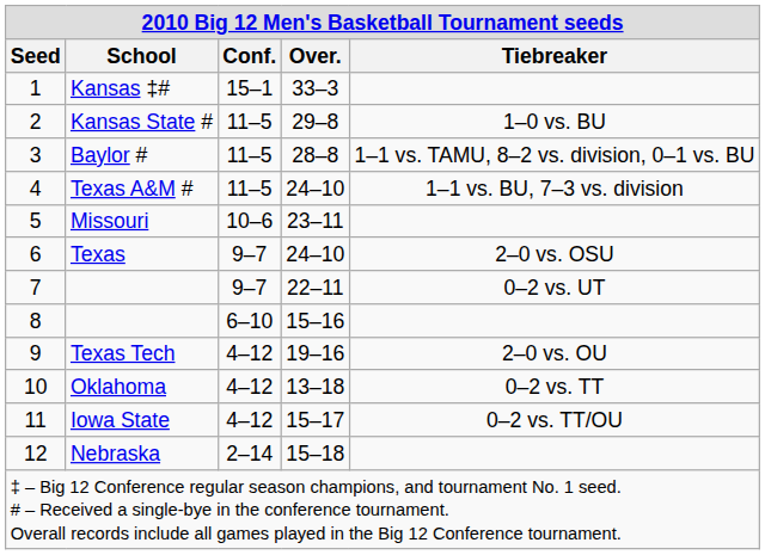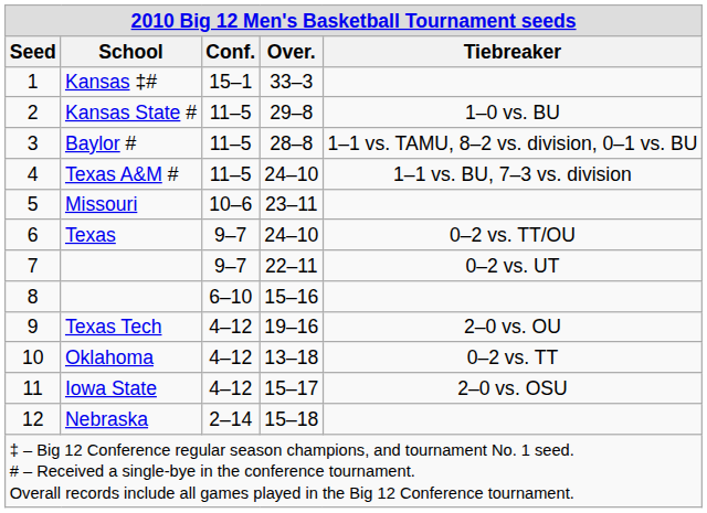 <table class="wikitable" style="white-space:nowrap; font-size:90%;text-align:center">
 <tr>
 <td colspan="10" style="text-align:center; background:#DDDDDD; font:#000000"><strong><a href='#'>2010 Big 12 Men's Basketball Tournament seeds</a></strong></td>
 </tr>
 <tr bgcolor="#efefef">
 <th>Seed</th>
 <th>School</th>
 <th>Conf.</th>
 <th>Over.</th>
 <th>Tiebreaker</th>
 </tr>
 <tr>
 <td>1</td>
 <td align=left><a href='#'>Kansas</a> ‡#</td>
 <td>15–1</td>
 <td>33–3</td>
 <td></td>
 </tr>
 <tr>
 <td>2</td>
 <td align=left><a href='#'>Kansas State</a> #</td>
 <td>11–5</td>
 <td>29–8</td>
 <td>1–0 vs. BU</td>
 </tr>
 <tr>
 <td>3</td>
 <td align=left><a href='#'>Baylor</a> #</td>
 <td>11–5</td>
 <td>28–8</td>
 <td>1–1 vs. TAMU, 8–2 vs. division, 0–1 vs. BU</td>
 </tr>
 <tr>
 <td>4</td>
 <td align=left><a href='#'>Texas A&M</a> #</td>
 <td>11–5</td>
 <td>24–10</td>
 <td>1–1 vs. BU, 7–3 vs. division</td>
 </tr>
 <tr>
 <td>5</td>
 <td align=left><a href='#'>Missouri</a></td>
 <td>10–6</td>
 <td>23–11</td>
 <td></td>
 </tr>
 <tr>
 <td>6</td>
 <td align=left><a href='#'>Texas</a></td>
 <td>9–7</td>
 <td>24–10</td>
-<td>2–0 vs. OSU</td>
+<td>0–2 vs. TT/OU</td>
 </tr>
 <tr>
 <td>7</td>
 <td align=left></td>
 <td>9–7</td>
 <td>22–11</td>
 <td>0–2 vs. UT</td>
 </tr>
 <tr>
 <td>8</td>
 <td align=left></td>
 <td>6–10</td>
 <td>15–16</td>
 <td></td>
 </tr>
 <tr>
 <td>9</td>
 <td align=left><a href='#'>Texas Tech</a></td>
 <td>4–12</td>
 <td>19–16</td>
 <td>2–0 vs. OU</td>
 </tr>
 <tr>
 <td>10</td>
 <td align=left><a href='#'>Oklahoma</a></td>
 <td>4–12</td>
 <td>13–18</td>
 <td>0–2 vs. TT</td>
 </tr>
 <tr>
 <td>11</td>
 <td align=left><a href='#'>Iowa State</a></td>
 <td>4–12</td>
 <td>15–17</td>
-<td>0–2 vs. TT/OU</td>
+<td>2–0 vs. OSU</td>
 </tr>
 <tr>
 <td>12</td>
 <td align=left><a href='#'>Nebraska</a></td>
 <td>2–14</td>
 <td>15–18</td>
 <td></td>
 </tr>
 <tr>
 <td colspan="10" style="text-align:left;"><small>‡ – Big 12 Conference regular season champions, and tournament No. 1 seed.<br># – Received a single-bye in the conference tournament.<br>Overall records include all games played in the Big 12 Conference tournament.</small></td>
 </tr>
 </table>
